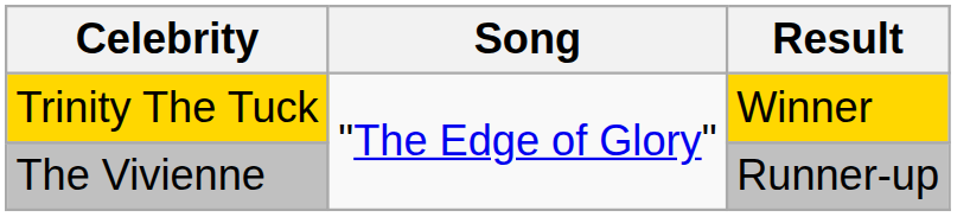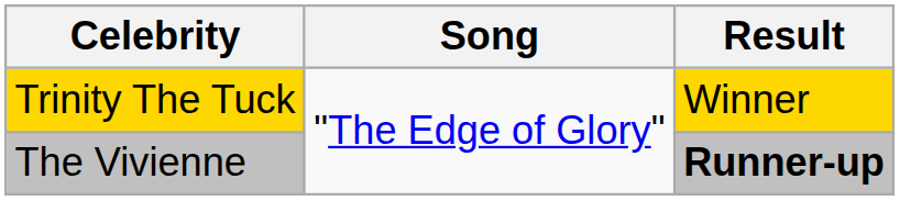 <table class="wikitable sortable collapsed">
 <tr>
 <th>Celebrity</th>
 <th>Song</th>
 <th>Result</th>
 </tr>
 <tr>
 <td style="background:gold;">Trinity The Tuck</td>
 <td rowspan=2>"<a href='#'>The Edge of Glory</a>"</td>
 <td style="background:gold;">Winner</td>
 </tr>
 <tr>
 <td style="background:silver;">The Vivienne</td>
-<td style="background:silver;">Runner-up</td>
+<td style="background:silver;"><strong>Runner-up</strong></td>
 </tr>
 </table>
